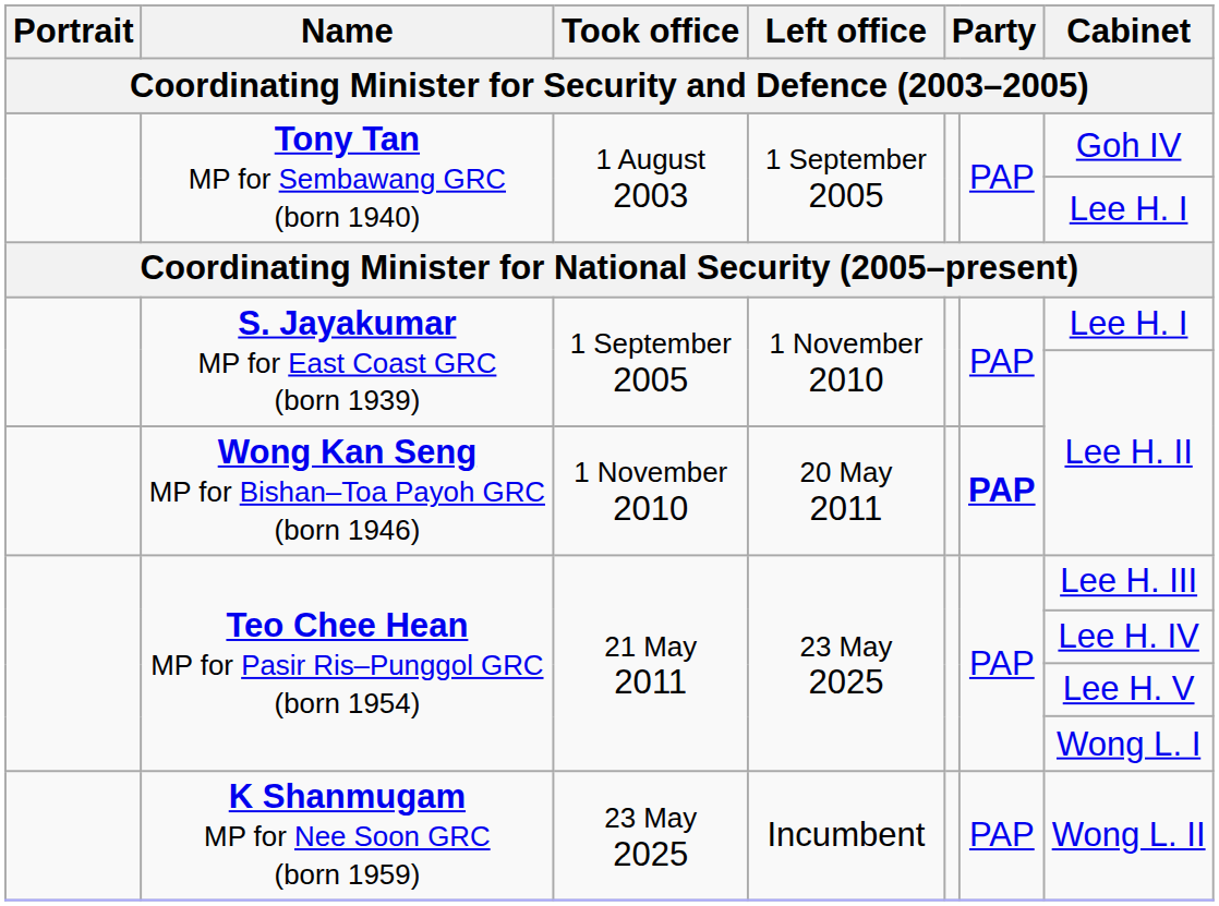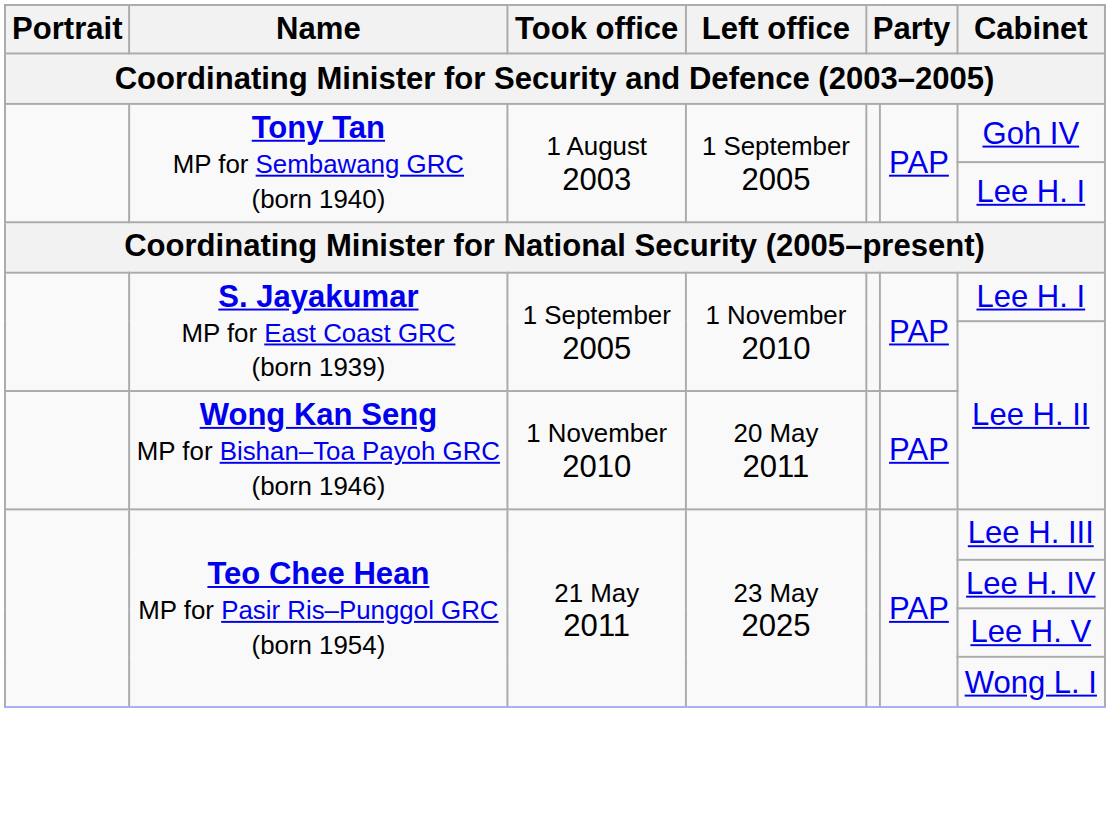 <table class="wikitable" style="text-align:center; border:1px #aaf solid;">
 <tr>
 <th>Portrait</th>
 <th>Name<br></th>
 <th width="85">Took office</th>
 <th width="85">Left office</th>
 <th colspan="2">Party</th>
 <th>Cabinet</th>
 </tr>
 <tr>
 <th colspan="7">Coordinating Minister for Security and Defence (2003–2005)</th>
 </tr>
 <tr>
 <td rowspan="2"></td>
 <td rowspan="2"><strong><a href='#'>Tony Tan</a></strong><br><small>MP for <a href='#'>Sembawang GRC</a></small><br><small>(born 1940)</small></td>
 <td rowspan="2"><small>1 August</small><br>2003</td>
 <td rowspan="2"><small>1 September</small><br>2005</td>
 <td rowspan="2" style="background:"></td>
 <td rowspan="2"><a href='#'>PAP</a></td>
 <td><a href='#'>Goh IV</a></td>
 </tr>
 <tr>
 <td><a href='#'>Lee H. I</a></td>
 </tr>
 <tr>
 <th colspan="7">Coordinating Minister for National Security (2005–present)</th>
 </tr>
 <tr>
 <td rowspan="2"></td>
 <td rowspan="2"><a href='#'><strong>S. Jayakumar</strong></a><br><small>MP for <a href='#'>East Coast GRC</a></small><br><small>(born 1939)</small></td>
 <td rowspan="2"><small>1 September</small><br>2005</td>
 <td rowspan="2"><small>1 November</small><br>2010</td>
 <td rowspan="2" style="background:"></td>
 <td rowspan="2"><a href='#'>PAP</a></td>
 <td><a href='#'>Lee H. I</a></td>
 </tr>
 <tr>
 <td rowspan="2"><a href='#'>Lee H. II</a></td>
 </tr>
 <tr>
 <td></td>
 <td><strong><a href='#'>Wong Kan Seng</a></strong><br><small>MP for <a href='#'>Bishan–Toa Payoh GRC</a></small><br><small>(born 1946)</small></td>
 <td><small>1 November</small><br>2010</td>
 <td><small>20 May</small><br>2011</td>
 <td style="background:"></td>
-<td><strong><a href='#'>PAP</a></strong></td>
+<td><a href='#'>PAP</a></td>
 </tr>
 <tr>
 <td rowspan="4"></td>
 <td rowspan="4"><strong><a href='#'>Teo Chee Hean</a></strong><br><small>MP for <a href='#'>Pasir Ris–Punggol GRC</a></small><br><small>(born 1954)</small></td>
 <td rowspan="4"><small>21 May</small><br>2011</td>
 <td rowspan="4"><small>23 May</small><br>2025</td>
 <td rowspan="4" style="background:"></td>
 <td rowspan="4"><a href='#'>PAP</a></td>
 <td><a href='#'>Lee H. III</a></td>
 </tr>
 <tr>
 <td><a href='#'>Lee H. IV</a></td>
 </tr>
 <tr>
 <td><a href='#'>Lee H. V</a></td>
 </tr>
 <tr>
 <td><a href='#'>Wong L. I</a></td>
 </tr>
 <tr>
-<td></td>
-<td><strong><a href='#'>K Shanmugam</a></strong><br><small>MP for <a href='#'>Nee Soon GRC</a></small><br><small>(born 1959)</small></td>
-<td><small>23 May</small><br>2025</td>
-<td>Incumbent</td>
-<td style="background:"></td>
-<td><a href='#'>PAP</a></td>
-<td><a href='#'>Wong L. II</a></td>
-</tr>
-<tr>
 </tr>
 </table>
